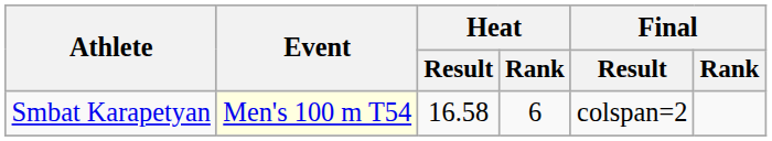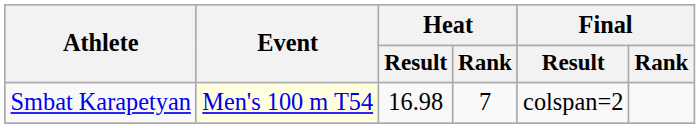 <table class="wikitable" style="font-size:90%">
 <tr>
 <th rowspan="2">Athlete</th>
 <th rowspan="2">Event</th>
 <th colspan="2">Heat</th>
 <th colspan="2">Final</th>
 </tr>
 <tr style="font-size:95%">
 <th>Result</th>
 <th>Rank</th>
 <th>Result</th>
 <th>Rank</th>
 </tr>
 <tr align=center>
 <td align=left><a href='#'>Smbat Karapetyan</a></td>
 <td align=left style="background: lightyellow;"><a href='#'>Men's 100 m T54</a></td>
-<td>16.58</td>
-<td>6</td>
+<td>16.98</td>
+<td>7</td>
 <td>colspan=2 </td>
 </tr>
 </table>
